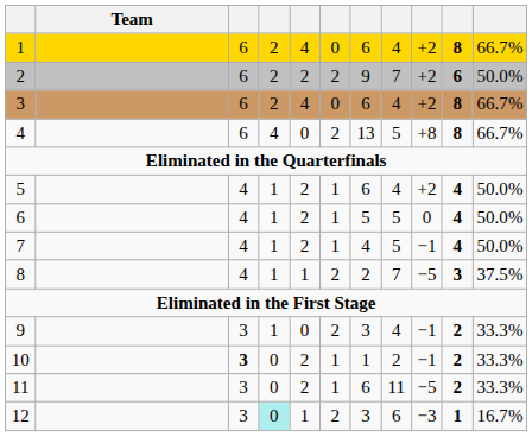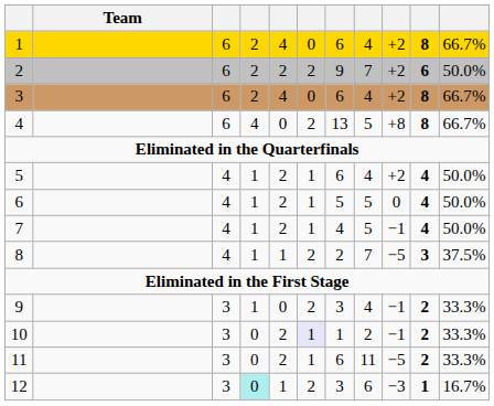 <table class="wikitable" style="text-align:center">
 <tr>
 <th width=20></th>
 <th width=165>Team</th>
 <th width=20></th>
 <th width=20></th>
 <th width=20></th>
 <th width=20></th>
 <th width=20></th>
 <th width=20></th>
 <th width=20></th>
 <th width=20></th>
 <th width=20></th>
 </tr>
 <tr bgcolor=gold>
 <td>1</td>
 <td align=left></td>
 <td>6</td>
 <td>2</td>
 <td>4</td>
 <td>0</td>
 <td>6</td>
 <td>4</td>
 <td>+2</td>
 <td><strong>8</strong></td>
 <td>66.7%</td>
 </tr>
 <tr bgcolor=silver>
 <td>2</td>
 <td align=left></td>
 <td>6</td>
 <td>2</td>
 <td>2</td>
 <td>2</td>
 <td>9</td>
 <td>7</td>
 <td>+2</td>
 <td><strong>6</strong></td>
 <td>50.0%</td>
 </tr>
 <tr bgcolor=cc9966>
 <td>3</td>
 <td align=left></td>
 <td>6</td>
 <td>2</td>
 <td>4</td>
 <td>0</td>
 <td>6</td>
 <td>4</td>
 <td>+2</td>
 <td><strong>8</strong></td>
 <td>66.7%</td>
 </tr>
 <tr>
 <td>4</td>
 <td align=left></td>
 <td>6</td>
 <td>4</td>
 <td>0</td>
 <td>2</td>
 <td>13</td>
 <td>5</td>
 <td>+8</td>
 <td><strong>8</strong></td>
 <td>66.7%</td>
 </tr>
 <tr>
 <td colspan=11><strong>Eliminated in the Quarterfinals</strong></td>
 </tr>
 <tr>
 <td>5</td>
 <td align=left></td>
 <td>4</td>
 <td>1</td>
 <td>2</td>
 <td>1</td>
 <td>6</td>
 <td>4</td>
 <td>+2</td>
 <td><strong>4</strong></td>
 <td>50.0%</td>
 </tr>
 <tr>
 <td>6</td>
 <td align=left></td>
 <td>4</td>
 <td>1</td>
 <td>2</td>
 <td>1</td>
 <td>5</td>
 <td>5</td>
 <td>0</td>
 <td><strong>4</strong></td>
 <td>50.0%</td>
 </tr>
 <tr>
 <td>7</td>
 <td align=left></td>
 <td>4</td>
 <td>1</td>
 <td>2</td>
 <td>1</td>
 <td>4</td>
 <td>5</td>
 <td>−1</td>
 <td><strong>4</strong></td>
 <td>50.0%</td>
 </tr>
 <tr>
 <td>8</td>
 <td align=left></td>
 <td>4</td>
 <td>1</td>
 <td>1</td>
 <td>2</td>
 <td>2</td>
 <td>7</td>
 <td>−5</td>
 <td><strong>3</strong></td>
 <td>37.5%</td>
 </tr>
 <tr>
 <td colspan=11><strong>Eliminated in the First Stage</strong></td>
 </tr>
 <tr>
 <td>9</td>
 <td align=left></td>
 <td>3</td>
 <td>1</td>
 <td>0</td>
 <td>2</td>
 <td>3</td>
 <td>4</td>
 <td>−1</td>
 <td><strong>2</strong></td>
 <td>33.3%</td>
 </tr>
 <tr>
 <td>10</td>
 <td align=left></td>
-<td><strong>3</strong></td>
+<td>3</td>
 <td>0</td>
 <td>2</td>
-<td>1</td>
+<td style="background: lavender;">1</td>
 <td>1</td>
 <td>2</td>
 <td>−1</td>
 <td><strong>2</strong></td>
 <td>33.3%</td>
 </tr>
 <tr>
 <td>11</td>
 <td align=left></td>
 <td>3</td>
 <td>0</td>
 <td>2</td>
 <td>1</td>
 <td>6</td>
 <td>11</td>
 <td>−5</td>
 <td><strong>2</strong></td>
 <td>33.3%</td>
 </tr>
 <tr>
 <td>12</td>
 <td align=left></td>
 <td>3</td>
 <td style="background: paleturquoise;">0</td>
 <td>1</td>
 <td>2</td>
 <td>3</td>
 <td>6</td>
 <td>−3</td>
 <td><strong>1</strong></td>
 <td>16.7%</td>
 </tr>
 </table>
